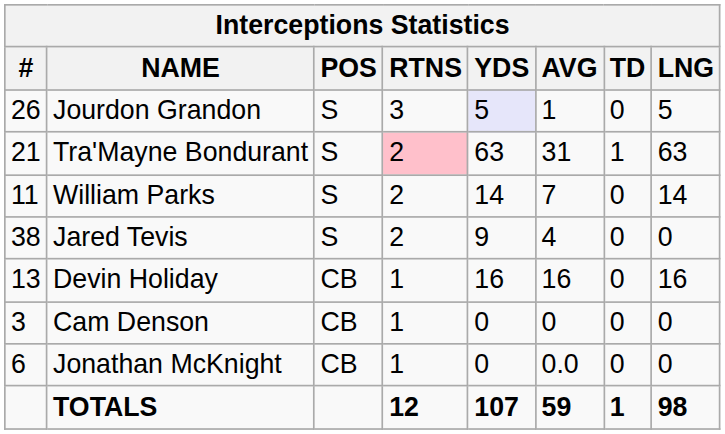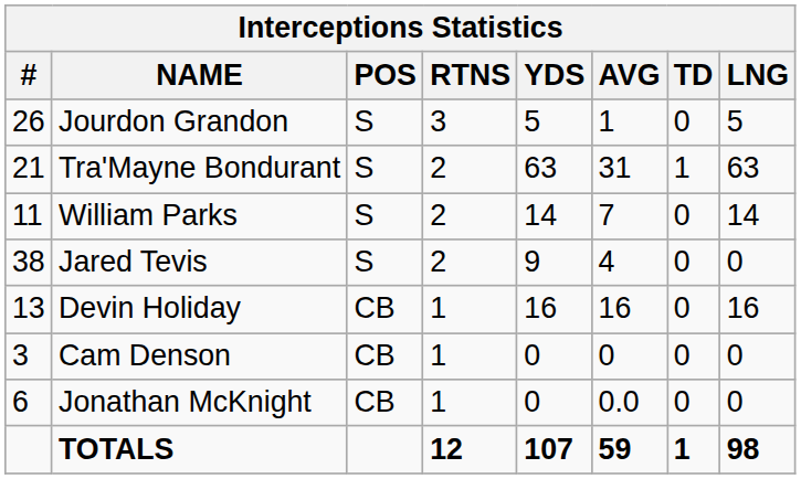 <table class="wikitable sortable collapsible collapsed">
 <tr>
 <th colspan="16">Interceptions Statistics</th>
 </tr>
 <tr>
 <th>#</th>
 <th>NAME</th>
 <th>POS</th>
 <th>RTNS</th>
 <th>YDS</th>
 <th>AVG</th>
 <th>TD</th>
 <th>LNG</th>
 </tr>
 <tr>
 <td>26</td>
 <td>Jourdon Grandon</td>
 <td>S</td>
 <td>3</td>
-<td style="background: lavender;">5</td>
+<td>5</td>
 <td>1</td>
 <td>0</td>
 <td>5</td>
 </tr>
 <tr>
 <td>21</td>
 <td>Tra'Mayne Bondurant</td>
 <td>S</td>
-<td style="background: pink;">2</td>
+<td>2</td>
 <td>63</td>
 <td>31</td>
 <td>1</td>
 <td>63</td>
 </tr>
 <tr>
 <td>11</td>
 <td>William Parks</td>
 <td>S</td>
 <td>2</td>
 <td>14</td>
 <td>7</td>
 <td>0</td>
 <td>14</td>
 </tr>
 <tr>
 <td>38</td>
 <td>Jared Tevis</td>
 <td>S</td>
 <td>2</td>
 <td>9</td>
 <td>4</td>
 <td>0</td>
 <td>0</td>
 </tr>
 <tr>
 <td>13</td>
 <td>Devin Holiday</td>
 <td>CB</td>
 <td>1</td>
 <td>16</td>
 <td>16</td>
 <td>0</td>
 <td>16</td>
 </tr>
 <tr>
 <td>3</td>
 <td>Cam Denson</td>
 <td>CB</td>
 <td>1</td>
 <td>0</td>
 <td>0</td>
 <td>0</td>
 <td>0</td>
 </tr>
 <tr>
 <td>6</td>
 <td>Jonathan McKnight</td>
 <td>CB</td>
 <td>1</td>
 <td>0</td>
 <td>0.0</td>
 <td>0</td>
 <td>0</td>
 </tr>
 <tr>
 <td></td>
 <td><strong>TOTALS</strong></td>
 <td></td>
 <td><strong>12</strong></td>
 <td><strong>107</strong></td>
 <td><strong>59</strong></td>
 <td><strong>1</strong></td>
 <td><strong>98</strong></td>
 </tr>
 </table>
